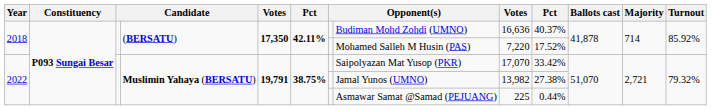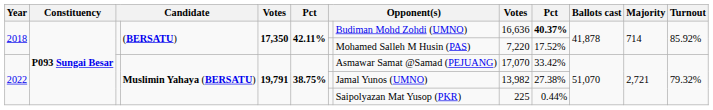 <table class="wikitable" style="margin:0.5em ; font-size:95%">
 <tr>
 <th>Year</th>
 <th>Constituency</th>
 <th colspan=2>Candidate</th>
 <th>Votes</th>
 <th>Pct</th>
 <th colspan=2>Opponent(s)</th>
 <th>Votes</th>
 <th>Pct</th>
 <th>Ballots cast</th>
 <th>Majority</th>
 <th>Turnout</th>
 </tr>
 <tr>
 <td rowspan=2><a href='#'>2018</a></td>
 <td rowspan=5><strong>P093 <a href='#'>Sungai Besar</a></strong></td>
 <td rowspan=2 ></td>
 <td rowspan=2> (<a href='#'><strong>BERSATU</strong></a>)</td>
 <td rowspan=2 align="right"><strong>17,350</strong></td>
 <td rowspan=2><strong>42.11%</strong></td>
 <td></td>
 <td><a href='#'>Budiman Mohd Zohdi</a> (<a href='#'>UMNO</a>)</td>
 <td align="right">16,636</td>
-<td>40.37%</td>
+<td><strong>40.37%</strong></td>
 <td rowspan=2>41,878</td>
 <td rowspan=2>714</td>
 <td rowspan=2>85.92%</td>
 </tr>
 <tr>
 <td></td>
 <td>Mohamed Salleh M Husin (<a href='#'>PAS</a>)</td>
 <td align="right">7,220</td>
 <td>17.52%</td>
 </tr>
 <tr>
 <td rowspan=3><a href='#'>2022</a></td>
 <td rowspan=3 bgcolor=></td>
 <td rowspan=3><strong>Muslimin Yahaya</strong> (<a href='#'><strong>BERSATU</strong></a>)</td>
 <td rowspan=3 align="right"><strong>19,791</strong></td>
 <td rowspan=3><strong>38.75%</strong></td>
 <td></td>
-<td>Saipolyazan Mat Yusop (<a href='#'>PKR</a>)</td>
+<td>Asmawar Samat @Samad (<a href='#'>PEJUANG</a>)</td>
 <td align="right">17,070</td>
 <td>33.42%</td>
 <td rowspan=3>51,070</td>
 <td rowspan=3>2,721</td>
 <td rowspan=3>79.32%</td>
 </tr>
 <tr>
 <td></td>
 <td>Jamal Yunos (<a href='#'>UMNO</a>)</td>
 <td align="right">13,982</td>
 <td>27.38%</td>
 </tr>
 <tr>
 <td bgcolor=></td>
-<td>Asmawar Samat @Samad (<a href='#'>PEJUANG</a>)</td>
+<td>Saipolyazan Mat Yusop (<a href='#'>PKR</a>)</td>
 <td align="right">225</td>
 <td align="right">0.44%</td>
 </tr>
 </table>
